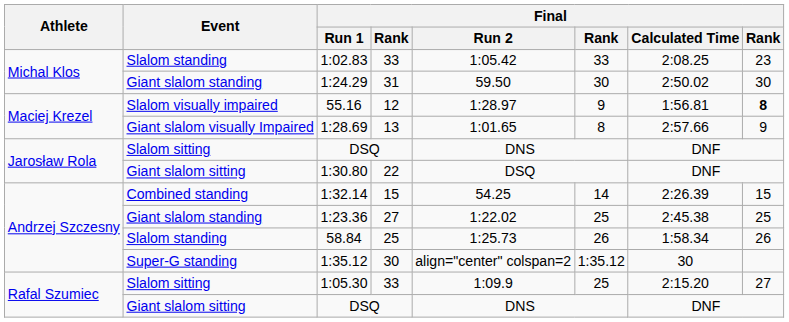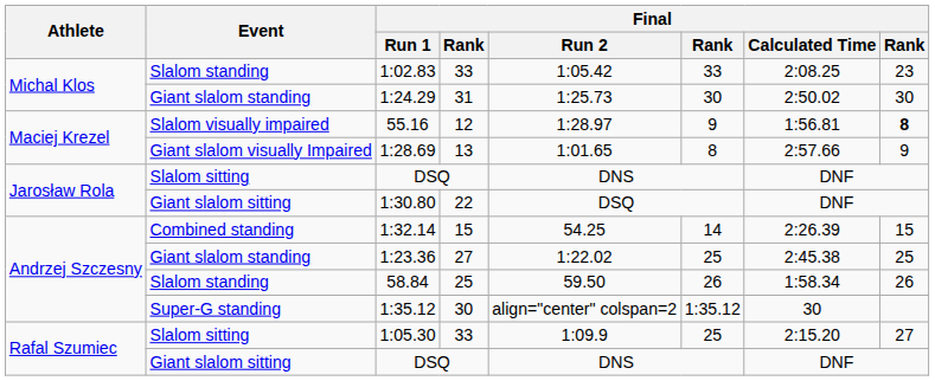 <table class="wikitable" style="font-size:90%">
 <tr>
 <th rowspan="2">Athlete</th>
 <th rowspan="2">Event</th>
 <th colspan="6">Final</th>
 </tr>
 <tr>
 <th>Run 1</th>
 <th>Rank</th>
 <th>Run 2</th>
 <th>Rank</th>
 <th>Calculated Time</th>
 <th>Rank</th>
 </tr>
 <tr>
 <td rowspan=2><a href='#'>Michal Klos</a></td>
 <td><a href='#'>Slalom standing</a></td>
 <td align="center">1:02.83</td>
 <td align="center">33</td>
 <td align="center">1:05.42</td>
 <td align="center">33</td>
 <td align="center">2:08.25</td>
 <td align="center">23</td>
 </tr>
 <tr>
 <td><a href='#'>Giant slalom standing</a></td>
 <td align="center">1:24.29</td>
 <td align="center">31</td>
-<td align="center">59.50</td>
+<td align="center">1:25.73</td>
 <td align="center">30</td>
 <td align="center">2:50.02</td>
 <td align="center">30</td>
 </tr>
 <tr>
 <td rowspan=2><a href='#'>Maciej Krezel</a></td>
 <td><a href='#'>Slalom visually impaired</a></td>
 <td align="center">55.16</td>
 <td align="center">12</td>
 <td align="center">1:28.97</td>
 <td align="center">9</td>
 <td align="center">1:56.81</td>
 <td align="center"><strong>8</strong></td>
 </tr>
 <tr>
 <td><a href='#'>Giant slalom visually Impaired</a></td>
 <td align="center">1:28.69</td>
 <td align="center">13</td>
 <td align="center">1:01.65</td>
 <td align="center">8</td>
 <td align="center">2:57.66</td>
 <td align="center">9</td>
 </tr>
 <tr>
 <td rowspan=2><a href='#'>Jarosław Rola</a></td>
 <td><a href='#'>Slalom sitting</a></td>
 <td align="center" colspan=2>DSQ</td>
 <td align="center" colspan=2>DNS</td>
 <td align="center" colspan=2>DNF</td>
 </tr>
 <tr>
 <td><a href='#'>Giant slalom sitting</a></td>
 <td align="center">1:30.80</td>
 <td align="center">22</td>
 <td align="center" colspan=2>DSQ</td>
 <td align="center" colspan=2>DNF</td>
 </tr>
 <tr>
 <td rowspan=4><a href='#'>Andrzej Szczesny</a></td>
 <td><a href='#'>Combined standing</a></td>
 <td align="center">1:32.14</td>
 <td align="center">15</td>
 <td align="center">54.25</td>
 <td align="center">14</td>
 <td align="center">2:26.39</td>
 <td align="center">15</td>
 </tr>
 <tr>
 <td><a href='#'>Giant slalom standing</a></td>
 <td align="center">1:23.36</td>
 <td align="center">27</td>
 <td align="center">1:22.02</td>
 <td align="center">25</td>
 <td align="center">2:45.38</td>
 <td align="center">25</td>
 </tr>
 <tr>
 <td><a href='#'>Slalom standing</a></td>
 <td align="center">58.84</td>
 <td align="center">25</td>
-<td align="center">1:25.73</td>
+<td align="center">59.50</td>
 <td align="center">26</td>
 <td align="center">1:58.34</td>
 <td align="center">26</td>
 </tr>
 <tr>
 <td><a href='#'>Super-G standing</a></td>
 <td align="center">1:35.12</td>
 <td align="center">30</td>
 <td>align="center" colspan=2 </td>
 <td align="center">1:35.12</td>
 <td align="center">30</td>
 </tr>
 <tr>
 <td rowspan=2><a href='#'>Rafal Szumiec</a></td>
 <td><a href='#'>Slalom sitting</a></td>
 <td align="center">1:05.30</td>
 <td align="center">33</td>
 <td align="center">1:09.9</td>
 <td align="center">25</td>
 <td align="center">2:15.20</td>
 <td align="center">27</td>
 </tr>
 <tr>
 <td><a href='#'>Giant slalom sitting</a></td>
 <td align="center" colspan=2>DSQ</td>
 <td align="center" colspan=2>DNS</td>
 <td align="center" colspan=2>DNF</td>
 </tr>
 </table>
